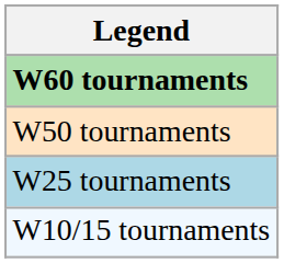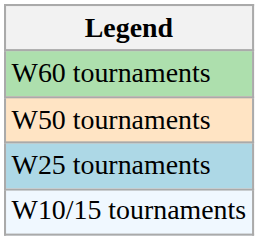 <table class="wikitable" style="font-size:85%;">
 <tr>
 <th>Legend</th>
 </tr>
 <tr style="background:#addfad;">
-<td><strong>W60 tournaments</strong></td>
+<td>W60 tournaments</td>
 </tr>
 <tr style="background:#ffe4c4;">
 <td>W50 tournaments</td>
 </tr>
 <tr style="background:lightblue;">
 <td>W25 tournaments</td>
 </tr>
 <tr style="background:#f0f8ff;">
 <td>W10/15 tournaments</td>
 </tr>
 </table>
